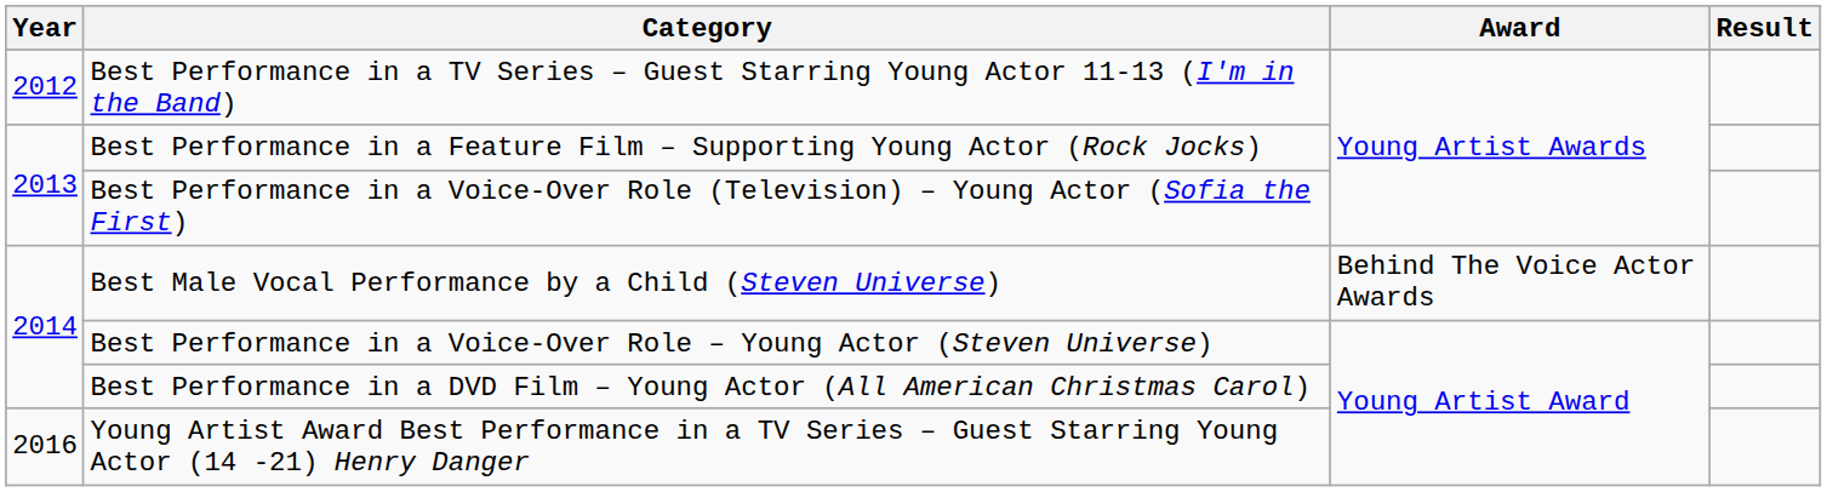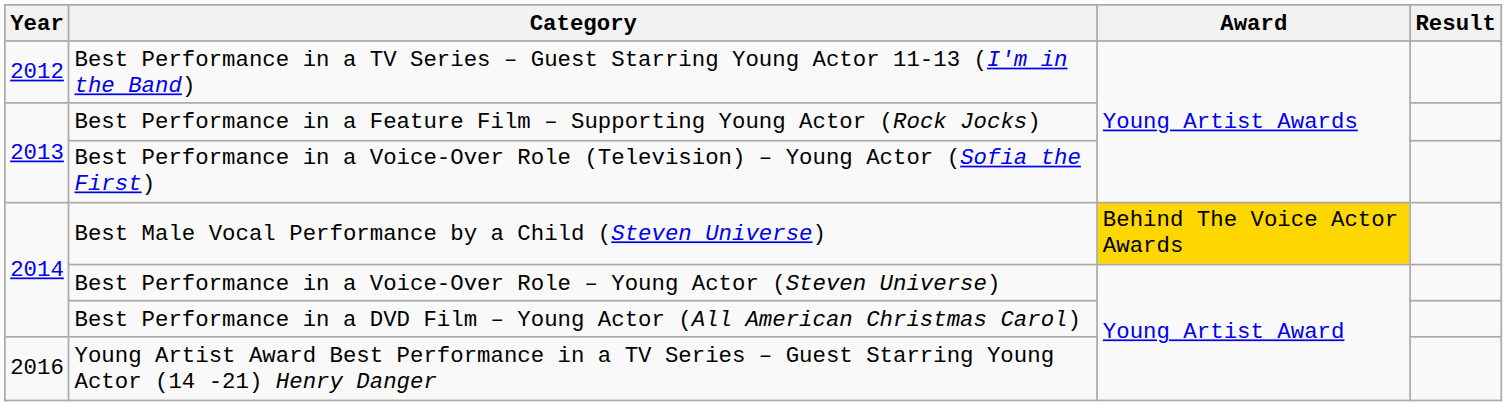 <table class="wikitable">
 <tr>
 <th>Year</th>
 <th>Category</th>
 <th>Award</th>
 <th>Result</th>
 </tr>
 <tr>
 <td><a href='#'>2012</a></td>
 <td>Best Performance in a TV Series – Guest Starring Young Actor 11-13 (<em><a href='#'>I'm in the Band</a></em>)</td>
 <td rowspan=3><a href='#'>Young Artist Awards</a></td>
 <td></td>
 </tr>
 <tr>
 <td rowspan=2><a href='#'>2013</a></td>
 <td>Best Performance in a Feature Film – Supporting Young Actor (<em>Rock Jocks</em>)</td>
 <td></td>
 </tr>
 <tr>
 <td>Best Performance in a Voice-Over Role (Television) – Young Actor (<em><a href='#'>Sofia the First</a></em>)</td>
 <td></td>
 </tr>
 <tr>
 <td rowspan=3><a href='#'>2014</a></td>
 <td>Best Male Vocal Performance by a Child (<em><a href='#'>Steven Universe</a></em>)</td>
-<td>Behind The Voice Actor Awards</td>
+<td style="background: gold;">Behind The Voice Actor Awards</td>
 <td></td>
 </tr>
 <tr>
 <td>Best Performance in a Voice-Over Role – Young Actor (<em>Steven Universe</em>)</td>
 <td rowspan=3><a href='#'>Young Artist Award</a></td>
 <td></td>
 </tr>
 <tr>
 <td>Best Performance in a DVD Film – Young Actor (<em>All American Christmas Carol</em>)</td>
 <td></td>
 </tr>
 <tr>
 <td>2016</td>
 <td>Young Artist Award Best Performance in a TV Series – Guest Starring Young Actor (14 -21) <em>Henry Danger</em></td>
 <td></td>
 </tr>
 </table>
